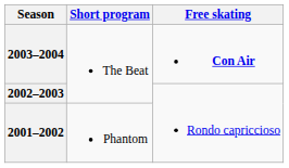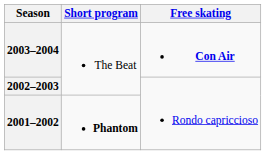 <table class=wikitable style=text-align:center>
 <tr>
 <th>Season</th>
 <th><a href='#'>Short program</a></th>
 <th><a href='#'>Free skating</a></th>
 </tr>
 <tr>
 <th>2003–2004 <br> </th>
 <td rowspan=2><br><ul><li>The Beat <br></li></ul></td>
 <td><strong><br><ul><li><a href='#'>Con Air</a> <br></li></ul></strong></td>
 </tr>
 <tr>
 <th>2002–2003 <br> </th>
 <td rowspan=2><br><ul><li><a href='#'>Rondo capriccioso</a> <br></li></ul></td>
 </tr>
 <tr>
 <th>2001–2002 <br> </th>
-<td><br><ul><li>Phantom <br></li></ul></td>
+<td><strong><br><ul><li>Phantom <br></li></ul></strong></td>
 </tr>
 </table>
